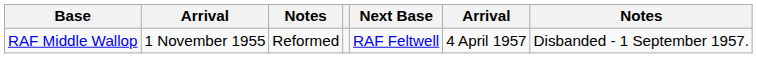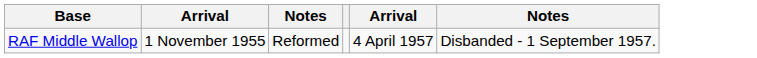 <table class="wikitable">
 <tr>
 <th>Base</th>
 <th>Arrival</th>
 <th>Notes</th>
 <th></th>
-<th>Next Base</th>
 <th>Arrival</th>
 <th>Notes</th>
 </tr>
 <tr>
 <td><a href='#'>RAF Middle Wallop</a></td>
 <td>1 November 1955</td>
 <td>Reformed</td>
 <td></td>
-<td><a href='#'>RAF Feltwell</a></td>
 <td>4 April 1957</td>
 <td>Disbanded - 1 September 1957.</td>
 </tr>
 </table>
